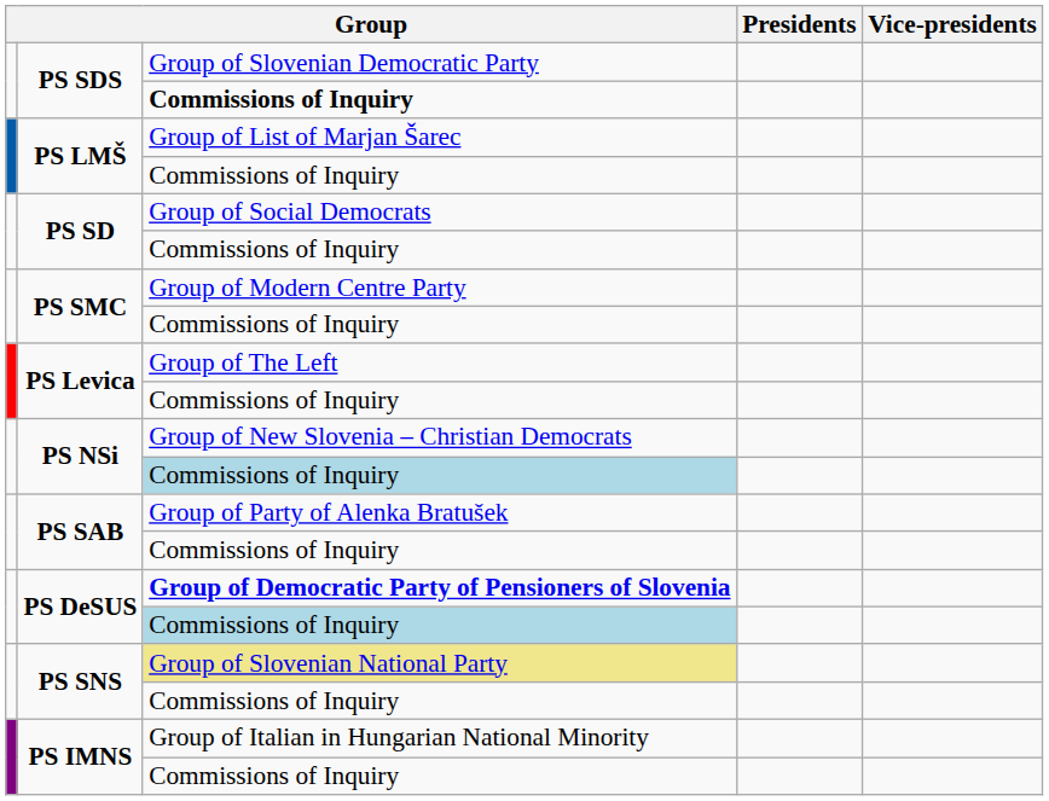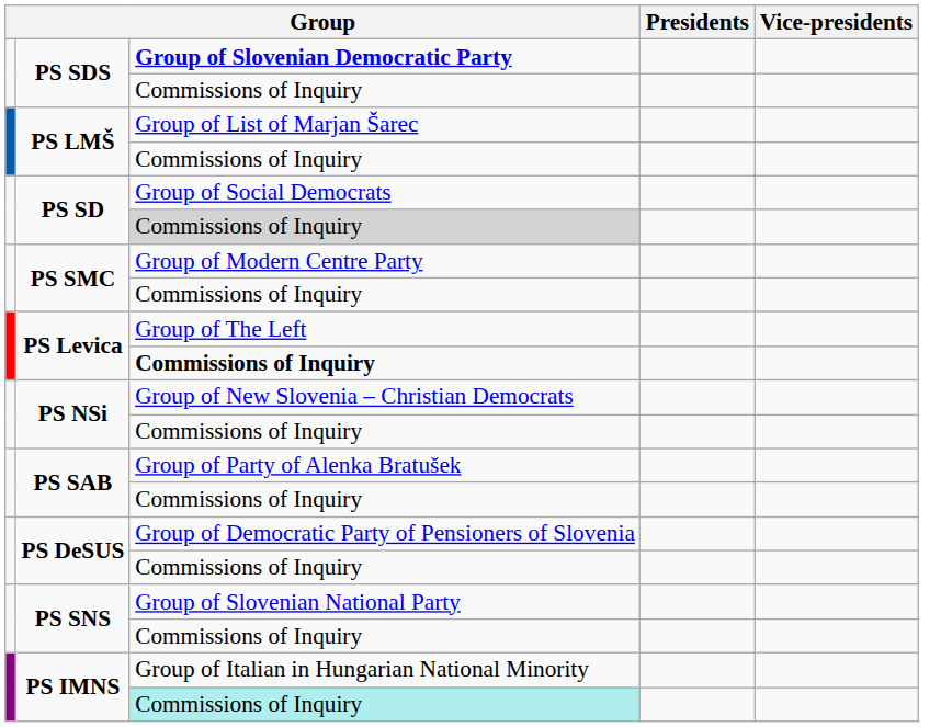 <table class="wikitable" style="line-height:16px;">
 <tr>
 <th colspan="3">Group</th>
 <th>Presidents</th>
 <th>Vice-presidents</th>
 </tr>
 <tr>
 <td rowspan="2" style="background:"></td>
 <td rowspan="2" style="text-align:center;"><strong>PS SDS</strong></td>
-<td><a href='#'>Group of Slovenian Democratic Party</a><br></td>
+<td><strong><a href='#'>Group of Slovenian Democratic Party</a><br></strong></td>
 <td></td>
 <td></td>
 </tr>
 <tr>
-<td><strong>Commissions of Inquiry</strong></td>
+<td>Commissions of Inquiry</td>
 <td></td>
 <td></td>
 </tr>
 <tr>
 <td rowspan="2" style="background:#005bab"></td>
 <td rowspan="2" style="text-align:center;"><strong>PS LMŠ</strong></td>
 <td><a href='#'>Group of List of Marjan Šarec</a><br></td>
 <td></td>
 <td></td>
 </tr>
 <tr>
 <td>Commissions of Inquiry</td>
 <td></td>
 <td></td>
 </tr>
 <tr>
 <td rowspan="2" style="background:"></td>
 <td rowspan="2" style="text-align:center;"><strong>PS SD</strong></td>
 <td><a href='#'>Group of Social Democrats</a><br></td>
 <td></td>
 <td></td>
 </tr>
 <tr>
-<td>Commissions of Inquiry</td>
+<td style="background: lightgrey;">Commissions of Inquiry</td>
 <td></td>
 <td></td>
 </tr>
 <tr>
 <td rowspan="2" style="background:"></td>
 <td rowspan="2" style="text-align:center;"><strong>PS SMC</strong></td>
 <td><a href='#'>Group of Modern Centre Party</a><br></td>
 <td></td>
 <td></td>
 </tr>
 <tr>
 <td>Commissions of Inquiry</td>
 <td></td>
 <td></td>
 </tr>
 <tr>
 <td rowspan="2" style="background:red"></td>
 <td rowspan="2" style="text-align:center;"><strong>PS Levica</strong></td>
 <td><a href='#'>Group of The Left</a><br></td>
 <td></td>
 <td></td>
 </tr>
 <tr>
-<td>Commissions of Inquiry</td>
+<td><strong>Commissions of Inquiry</strong></td>
 <td></td>
 <td></td>
 </tr>
 <tr>
 <td rowspan="2" style="background:"></td>
 <td rowspan="2" style="text-align:center;"><strong>PS NSi</strong></td>
 <td><a href='#'>Group of New Slovenia – Christian Democrats</a><br></td>
 <td></td>
 <td></td>
 </tr>
 <tr>
-<td style="background: lightblue;">Commissions of Inquiry</td>
+<td>Commissions of Inquiry</td>
 <td></td>
 <td></td>
 </tr>
 <tr>
 <td rowspan="2" style="background:"></td>
 <td rowspan="2" style="text-align:center;"><strong>PS SAB</strong></td>
 <td><a href='#'>Group of Party of Alenka Bratušek</a><br></td>
 <td></td>
 <td></td>
 </tr>
 <tr>
 <td>Commissions of Inquiry</td>
 <td></td>
 <td></td>
 </tr>
 <tr>
 <td rowspan="2" style="background:"></td>
 <td rowspan="2" style="text-align:center;"><strong>PS DeSUS</strong></td>
-<td><strong><a href='#'>Group of Democratic Party of Pensioners of Slovenia</a><br></strong></td>
+<td><a href='#'>Group of Democratic Party of Pensioners of Slovenia</a><br></td>
 <td></td>
 <td></td>
 </tr>
 <tr>
-<td style="background: lightblue;">Commissions of Inquiry</td>
+<td>Commissions of Inquiry</td>
 <td></td>
 <td></td>
 </tr>
 <tr>
 <td rowspan="2" style="background:"></td>
 <td rowspan="2" style="text-align:center;"><strong>PS SNS</strong></td>
-<td style="background: khaki;"><a href='#'>Group of Slovenian National Party</a><br></td>
+<td><a href='#'>Group of Slovenian National Party</a><br></td>
 <td></td>
 <td></td>
 </tr>
 <tr>
 <td>Commissions of Inquiry</td>
 <td></td>
 <td></td>
 </tr>
 <tr>
 <td rowspan="2" style="background:purple"></td>
 <td rowspan="2" style="text-align:center;"><strong>PS IMNS</strong></td>
 <td>Group of Italian in Hungarian National Minority<br></td>
 <td></td>
 <td></td>
 </tr>
 <tr>
-<td>Commissions of Inquiry</td>
+<td style="background: paleturquoise;">Commissions of Inquiry</td>
 <td></td>
 <td></td>
 </tr>
 </table>
